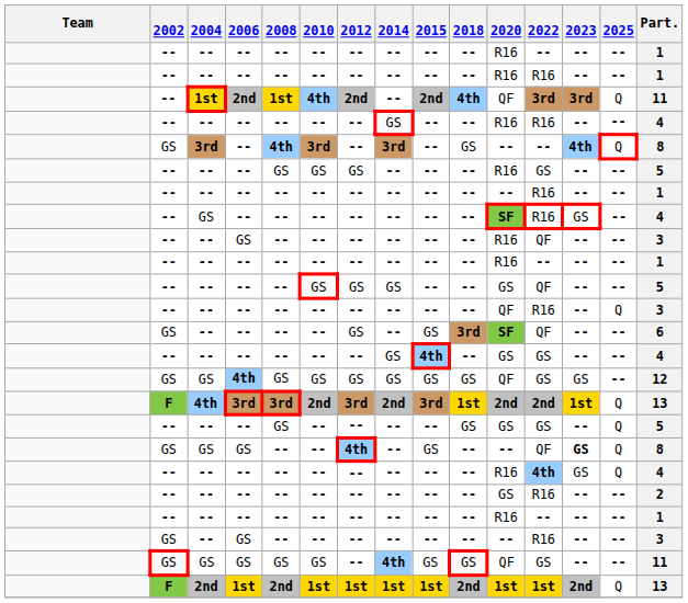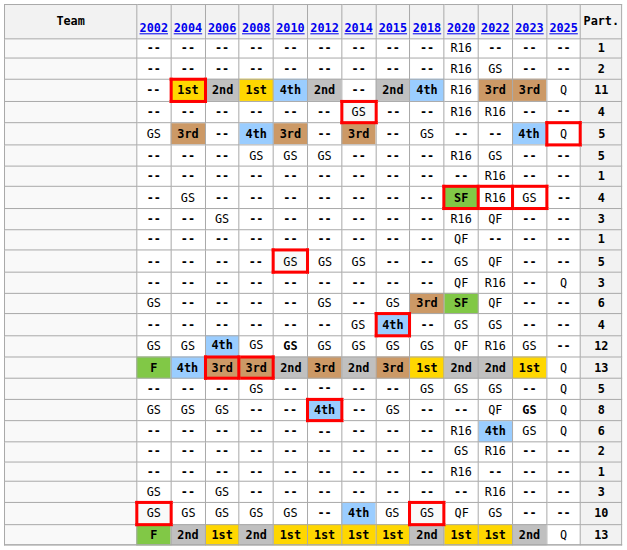 <table class="wikitable" style="text-align:center; font-size:90%">
 <tr>
 <th width=150>Team</th>
 <th><br><a href='#'>2002</a><br></th>
 <th><br><a href='#'>2004</a><br></th>
 <th><br><a href='#'>2006</a><br></th>
 <th><br><a href='#'>2008</a><br></th>
 <th><br><a href='#'>2010</a><br></th>
 <th><br><a href='#'>2012</a><br></th>
 <th><br><a href='#'>2014</a><br></th>
 <th><br><a href='#'>2015</a><br></th>
 <th><br><a href='#'>2018</a><br></th>
 <th><br><a href='#'>2020</a><br></th>
 <th><br><a href='#'>2022</a><br></th>
 <th><br><a href='#'>2023</a><br></th>
 <th><br><a href='#'>2025</a><br></th>
 <th>Part.</th>
 </tr>
 <tr>
 <td align=left></td>
 <td bgcolor=#ffffff><strong>--</strong></td>
 <td bgcolor=#ffffff><strong>--</strong></td>
 <td bgcolor=#ffffff><strong>--</strong></td>
 <td bgcolor=#ffffff><strong>--</strong></td>
 <td bgcolor=#ffffff><strong>--</strong></td>
 <td bgcolor=#ffffff><strong>--</strong></td>
 <td bgcolor=#ffffff><strong>--</strong></td>
 <td bgcolor=#ffffff><strong>--</strong></td>
 <td bgcolor=#ffffff><strong>--</strong></td>
 <td bgcolor=#ffffff>R16</td>
 <td bgcolor=#ffffff><strong>--</strong></td>
 <td bgcolor=#ffffff><strong>--</strong></td>
 <td bgcolor=#ffffff><strong>--</strong></td>
 <th>1</th>
 </tr>
 <tr>
 <td align=left></td>
 <td bgcolor=#ffffff><strong>--</strong></td>
 <td bgcolor=#ffffff><strong>--</strong></td>
 <td bgcolor=#ffffff><strong>--</strong></td>
 <td bgcolor=#ffffff><strong>--</strong></td>
 <td bgcolor=#ffffff><strong>--</strong></td>
 <td bgcolor=#ffffff><strong>--</strong></td>
 <td bgcolor=#ffffff><strong>--</strong></td>
 <td bgcolor=#ffffff><strong>--</strong></td>
 <td bgcolor=#ffffff><strong>--</strong></td>
 <td bgcolor=#ffffff>R16</td>
-<td bgcolor=#ffffff>R16</td>
+<td bgcolor=#ffffff>GS</td>
 <td bgcolor=#ffffff><strong>--</strong></td>
 <td bgcolor=#ffffff><strong>--</strong></td>
-<th>1</th>
+<th>2</th>
 </tr>
 <tr>
 <td align=left></td>
 <td bgcolor=#ffffff><strong>--</strong></td>
 <td style="border: 3px solid red" bgcolor=Gold><strong>1st</strong></td>
 <td bgcolor=silver><strong>2nd</strong></td>
 <td bgcolor=gold><strong>1st</strong></td>
 <td bgcolor=#9acdff><strong>4th</strong></td>
 <td bgcolor=silver><strong>2nd</strong></td>
 <td bgcolor=#ffffff><strong>--</strong></td>
 <td bgcolor=silver><strong>2nd</strong></td>
 <td bgcolor=#9acdff><strong>4th</strong></td>
-<td bgcolor=#ffffff>QF</td>
+<td bgcolor=#ffffff>R16</td>
 <td bgcolor=#cc9966><strong>3rd</strong></td>
 <td bgcolor=#cc9966><strong>3rd</strong></td>
 <td bgcolor=#ffffff>Q</td>
 <th>11</th>
 </tr>
 <tr>
 <td align=left></td>
 <td bgcolor=#ffffff><strong>--</strong></td>
 <td bgcolor=#ffffff><strong>--</strong></td>
 <td bgcolor=#ffffff><strong>--</strong></td>
 <td bgcolor=#ffffff><strong>--</strong></td>
 <td bgcolor=#ffffff><strong>--</strong></td>
 <td bgcolor=#ffffff><strong>--</strong></td>
 <td style="border: 3px solid red">GS</td>
 <td bgcolor=#ffffff><strong>--</strong></td>
 <td bgcolor=#ffffff><strong>--</strong></td>
 <td bgcolor=#ffffff>R16</td>
 <td bgcolor=#ffffff>R16</td>
 <td bgcolor=#ffffff><strong>--</strong></td>
 <td bgcolor=#ffffff><strong>--</strong></td>
 <th>4</th>
 </tr>
 <tr>
 <td align=left></td>
 <td bgcolor=#ffffff>GS</td>
 <td bgcolor=#cc9966><strong>3rd</strong></td>
 <td bgcolor=#ffffff><strong>--</strong></td>
 <td bgcolor=#9acdff><strong>4th</strong></td>
 <td bgcolor=#cc9966><strong>3rd</strong></td>
 <td bgcolor=#ffffff><strong>--</strong></td>
 <td bgcolor=#cc9966><strong>3rd</strong></td>
 <td bgcolor=#ffffff><strong>--</strong></td>
 <td bgcolor=#ffffff>GS</td>
 <td bgcolor=#ffffff><strong>--</strong></td>
 <td bgcolor=#ffffff><strong>--</strong></td>
 <td bgcolor=#9acdff><strong>4th</strong></td>
 <td style="border: 3px solid red" bgcolor=#ffffff>Q</td>
-<th>8</th>
+<th>5</th>
 </tr>
 <tr>
 <td align=left></td>
 <td bgcolor=#ffffff><strong>--</strong></td>
 <td bgcolor=#ffffff><strong>--</strong></td>
 <td bgcolor=#ffffff><strong>--</strong></td>
 <td bgcolor=#ffffff>GS</td>
 <td bgcolor=#ffffff>GS</td>
 <td bgcolor=#ffffff>GS</td>
 <td bgcolor=#ffffff><strong>--</strong></td>
 <td bgcolor=#ffffff><strong>--</strong></td>
 <td bgcolor=#ffffff><strong>--</strong></td>
 <td bgcolor=#ffffff>R16</td>
 <td bgcolor=#ffffff>GS</td>
 <td bgcolor=#ffffff><strong>--</strong></td>
 <td bgcolor=#ffffff><strong>--</strong></td>
 <th>5</th>
 </tr>
 <tr>
 <td align=left></td>
 <td bgcolor=#ffffff><strong>--</strong></td>
 <td bgcolor=#ffffff><strong>--</strong></td>
 <td bgcolor=#ffffff><strong>--</strong></td>
 <td bgcolor=#ffffff><strong>--</strong></td>
 <td bgcolor=#ffffff><strong>--</strong></td>
 <td bgcolor=#ffffff><strong>--</strong></td>
 <td bgcolor=#ffffff><strong>--</strong></td>
 <td bgcolor=#ffffff><strong>--</strong></td>
 <td bgcolor=#ffffff><strong>--</strong></td>
 <td bgcolor=#ffffff><strong>--</strong></td>
 <td bgcolor=#ffffff>R16</td>
 <td bgcolor=#ffffff><strong>--</strong></td>
 <td bgcolor=#ffffff><strong>--</strong></td>
 <th>1</th>
 </tr>
 <tr>
 <td align=left></td>
 <td bgcolor=#ffffff><strong>--</strong></td>
 <td bgcolor=#ffffff>GS</td>
 <td bgcolor=#ffffff><strong>--</strong></td>
 <td bgcolor=#ffffff><strong>--</strong></td>
 <td bgcolor=#ffffff><strong>--</strong></td>
 <td bgcolor=#ffffff><strong>--</strong></td>
 <td bgcolor=#ffffff><strong>--</strong></td>
 <td bgcolor=#ffffff><strong>--</strong></td>
 <td bgcolor=#ffffff><strong>--</strong></td>
 <td style="border: 3px solid red" bgcolor=#81c846><strong>SF</strong></td>
 <td style="border: 3px solid red" bgcolor=#ffffff>R16</td>
 <td style="border: 3px solid red" bgcolor=#ffffff>GS</td>
 <td bgcolor=#ffffff><strong>--</strong></td>
 <th>4</th>
 </tr>
 <tr>
 <td align=left></td>
 <td bgcolor=#ffffff><strong>--</strong></td>
 <td bgcolor=#ffffff><strong>--</strong></td>
 <td bgcolor=#ffffff>GS</td>
 <td bgcolor=#ffffff><strong>--</strong></td>
 <td bgcolor=#ffffff><strong>--</strong></td>
 <td bgcolor=#ffffff><strong>--</strong></td>
 <td bgcolor=#ffffff><strong>--</strong></td>
 <td bgcolor=#ffffff><strong>--</strong></td>
 <td bgcolor=#ffffff><strong>--</strong></td>
 <td bgcolor=#ffffff>R16</td>
 <td bgcolor=#ffffff>QF</td>
 <td bgcolor=#ffffff><strong>--</strong></td>
 <td bgcolor=#ffffff><strong>--</strong></td>
 <th>3</th>
 </tr>
 <tr>
 <td align=left></td>
 <td bgcolor=#ffffff><strong>--</strong></td>
 <td bgcolor=#ffffff><strong>--</strong></td>
 <td bgcolor=#ffffff><strong>--</strong></td>
 <td bgcolor=#ffffff><strong>--</strong></td>
 <td bgcolor=#ffffff><strong>--</strong></td>
 <td bgcolor=#ffffff><strong>--</strong></td>
 <td bgcolor=#ffffff><strong>--</strong></td>
 <td bgcolor=#ffffff><strong>--</strong></td>
 <td bgcolor=#ffffff><strong>--</strong></td>
-<td bgcolor=#ffffff>R16</td>
+<td bgcolor=#ffffff>QF</td>
 <td bgcolor=#ffffff><strong>--</strong></td>
 <td bgcolor=#ffffff><strong>--</strong></td>
 <td bgcolor=#ffffff><strong>--</strong></td>
 <th>1</th>
 </tr>
 <tr>
 <td align=left></td>
 <td bgcolor=#ffffff><strong>--</strong></td>
 <td bgcolor=#ffffff><strong>--</strong></td>
 <td bgcolor=#ffffff><strong>--</strong></td>
 <td bgcolor=#ffffff><strong>--</strong></td>
 <td style="border: 3px solid red">GS</td>
 <td bgcolor=#ffffff>GS</td>
 <td bgcolor=#ffffff>GS</td>
 <td bgcolor=#ffffff><strong>--</strong></td>
 <td bgcolor=#ffffff><strong>--</strong></td>
 <td bgcolor=#ffffff>GS</td>
 <td bgcolor=#ffffff>QF</td>
 <td bgcolor=#ffffff><strong>--</strong></td>
 <td bgcolor=#ffffff><strong>--</strong></td>
 <th>5</th>
 </tr>
 <tr>
 <td align=left></td>
 <td bgcolor=#ffffff><strong>--</strong></td>
 <td bgcolor=#ffffff><strong>--</strong></td>
 <td bgcolor=#ffffff><strong>--</strong></td>
 <td bgcolor=#ffffff><strong>--</strong></td>
 <td bgcolor=#ffffff><strong>--</strong></td>
 <td bgcolor=#ffffff><strong>--</strong></td>
 <td bgcolor=#ffffff><strong>--</strong></td>
 <td bgcolor=#ffffff><strong>--</strong></td>
 <td bgcolor=#ffffff><strong>--</strong></td>
 <td bgcolor=#ffffff>QF</td>
 <td bgcolor=#ffffff>R16</td>
 <td bgcolor=#ffffff><strong>--</strong></td>
 <td bgcolor=#ffffff>Q</td>
 <th>3</th>
 </tr>
 <tr>
 <td align=left></td>
 <td bgcolor=#ffffff>GS</td>
 <td bgcolor=#ffffff><strong>--</strong></td>
 <td bgcolor=#ffffff><strong>--</strong></td>
 <td bgcolor=#ffffff><strong>--</strong></td>
 <td bgcolor=#ffffff><strong>--</strong></td>
 <td bgcolor=#ffffff>GS</td>
 <td bgcolor=#ffffff><strong>--</strong></td>
 <td bgcolor=#ffffff>GS</td>
 <td bgcolor=#cc9966><strong>3rd</strong></td>
 <td bgcolor=#81c846><strong>SF</strong></td>
 <td bgcolor=#ffffff>QF</td>
 <td bgcolor=#ffffff><strong>--</strong></td>
 <td bgcolor=#ffffff><strong>--</strong></td>
 <th>6</th>
 </tr>
 <tr>
 <td align=left></td>
 <td bgcolor=#ffffff><strong>--</strong></td>
 <td bgcolor=#ffffff><strong>--</strong></td>
 <td bgcolor=#ffffff><strong>--</strong></td>
 <td bgcolor=#ffffff><strong>--</strong></td>
 <td bgcolor=#ffffff><strong>--</strong></td>
 <td bgcolor=#ffffff><strong>--</strong></td>
 <td bgcolor=#ffffff>GS</td>
 <td style="border: 3px solid red" bgcolor=#9acdff><strong>4th</strong></td>
 <td bgcolor=#ffffff><strong>--</strong></td>
 <td bgcolor=#ffffff>GS</td>
 <td bgcolor=#ffffff>GS</td>
 <td bgcolor=#ffffff><strong>--</strong></td>
 <td bgcolor=#ffffff><strong>--</strong></td>
 <th>4</th>
 </tr>
 <tr>
 <td align=left></td>
 <td bgcolor=#ffffff>GS</td>
 <td bgcolor=#ffffff>GS</td>
 <td bgcolor=#9acdff><strong>4th</strong></td>
 <td bgcolor=#ffffff>GS</td>
-<td bgcolor=#ffffff>GS</td>
+<td bgcolor=#ffffff><strong>GS</strong></td>
 <td bgcolor=#ffffff>GS</td>
 <td bgcolor=#ffffff>GS</td>
 <td bgcolor=#ffffff>GS</td>
 <td bgcolor=#ffffff>GS</td>
 <td bgcolor=#ffffff>QF</td>
-<td bgcolor=#ffffff>GS</td>
+<td bgcolor=#ffffff>R16</td>
 <td bgcolor=#ffffff>GS</td>
 <td bgcolor=#ffffff><strong>--</strong></td>
 <th>12</th>
 </tr>
 <tr>
 <td align=left></td>
 <td bgcolor=#81c846><strong>F</strong></td>
 <td bgcolor=#9acdff><strong>4th</strong></td>
 <td style="border: 3px solid red" bgcolor=#cc9966><strong>3rd</strong></td>
 <td style="border: 3px solid red" bgcolor=#cc9966><strong>3rd</strong></td>
 <td bgcolor=silver><strong>2nd</strong></td>
 <td bgcolor=#cc9966><strong>3rd</strong></td>
 <td bgcolor=silver><strong>2nd</strong></td>
 <td bgcolor=#cc9966><strong>3rd</strong></td>
 <td bgcolor=gold><strong>1st</strong></td>
 <td bgcolor=silver><strong>2nd</strong></td>
 <td bgcolor=silver><strong>2nd</strong></td>
 <td bgcolor=gold><strong>1st</strong></td>
 <td bgcolor=#ffffff>Q</td>
 <th>13</th>
 </tr>
 <tr>
 <td align=left></td>
 <td bgcolor=#ffffff><strong>--</strong></td>
 <td bgcolor=#ffffff><strong>--</strong></td>
 <td bgcolor=#ffffff><strong>--</strong></td>
 <td bgcolor=#ffffff>GS</td>
 <td bgcolor=#ffffff><strong>--</strong></td>
 <td bgcolor=#ffffff><strong>--</strong></td>
 <td bgcolor=#ffffff><strong>--</strong></td>
 <td bgcolor=#ffffff><strong>--</strong></td>
 <td bgcolor=#ffffff>GS</td>
 <td bgcolor=#ffffff>GS</td>
 <td bgcolor=#ffffff>GS</td>
 <td bgcolor=#ffffff><strong>--</strong></td>
 <td bgcolor=#ffffff>Q</td>
 <th>5</th>
 </tr>
 <tr>
 <td align=left></td>
 <td bgcolor=#ffffff>GS</td>
 <td bgcolor=#ffffff>GS</td>
 <td bgcolor=#ffffff>GS</td>
 <td bgcolor=#ffffff><strong>--</strong></td>
 <td bgcolor=#ffffff><strong>--</strong></td>
 <td style="border: 3px solid red" bgcolor=#9acdff><strong>4th</strong></td>
 <td bgcolor=#ffffff><strong>--</strong></td>
 <td bgcolor=#ffffff>GS</td>
 <td bgcolor=#ffffff><strong>--</strong></td>
 <td bgcolor=#ffffff><strong>--</strong></td>
 <td bgcolor=#ffffff>QF</td>
 <td bgcolor=#ffffff><strong>GS</strong></td>
 <td bgcolor=#ffffff>Q</td>
 <th>8</th>
 </tr>
 <tr>
 <td align=left></td>
 <td bgcolor=#ffffff><strong>--</strong></td>
 <td bgcolor=#ffffff><strong>--</strong></td>
 <td bgcolor=#ffffff><strong>--</strong></td>
 <td bgcolor=#ffffff><strong>--</strong></td>
 <td bgcolor=#ffffff><strong>--</strong></td>
 <td bgcolor=#ffffff><strong>--</strong></td>
 <td bgcolor=#ffffff><strong>--</strong></td>
 <td bgcolor=#ffffff><strong>--</strong></td>
 <td bgcolor=#ffffff><strong>--</strong></td>
 <td bgcolor=#ffffff>R16</td>
 <td bgcolor=#9acdff><strong>4th</strong></td>
 <td bgcolor=#ffffff>GS</td>
 <td bgcolor=#ffffff>Q</td>
-<th>4</th>
+<th>6</th>
 </tr>
 <tr>
 <td align=left></td>
 <td bgcolor=#ffffff><strong>--</strong></td>
 <td bgcolor=#ffffff><strong>--</strong></td>
 <td bgcolor=#ffffff><strong>--</strong></td>
 <td bgcolor=#ffffff><strong>--</strong></td>
 <td bgcolor=#ffffff><strong>--</strong></td>
 <td bgcolor=#ffffff><strong>--</strong></td>
 <td bgcolor=#ffffff><strong>--</strong></td>
 <td bgcolor=#ffffff><strong>--</strong></td>
 <td bgcolor=#ffffff><strong>--</strong></td>
 <td bgcolor=#ffffff>GS</td>
 <td bgcolor=#ffffff>R16</td>
 <td bgcolor=#ffffff><strong>--</strong></td>
 <td bgcolor=#ffffff><strong>--</strong></td>
 <th>2</th>
 </tr>
 <tr>
 <td align=left></td>
 <td bgcolor=#ffffff><strong>--</strong></td>
 <td bgcolor=#ffffff><strong>--</strong></td>
 <td bgcolor=#ffffff><strong>--</strong></td>
 <td bgcolor=#ffffff><strong>--</strong></td>
 <td bgcolor=#ffffff><strong>--</strong></td>
 <td bgcolor=#ffffff><strong>--</strong></td>
 <td bgcolor=#ffffff><strong>--</strong></td>
 <td bgcolor=#ffffff><strong>--</strong></td>
 <td bgcolor=#ffffff><strong>--</strong></td>
 <td bgcolor=#ffffff>R16</td>
 <td bgcolor=#ffffff><strong>--</strong></td>
 <td bgcolor=#ffffff><strong>--</strong></td>
 <td bgcolor=#ffffff><strong>--</strong></td>
 <th>1</th>
 </tr>
 <tr>
 <td align=left></td>
 <td bgcolor=#ffffff>GS</td>
 <td bgcolor=#ffffff><strong>--</strong></td>
 <td bgcolor=#ffffff>GS</td>
 <td bgcolor=#ffffff><strong>--</strong></td>
 <td bgcolor=#ffffff><strong>--</strong></td>
 <td bgcolor=#ffffff><strong>--</strong></td>
 <td bgcolor=#ffffff><strong>--</strong></td>
 <td bgcolor=#ffffff><strong>--</strong></td>
 <td bgcolor=#ffffff><strong>--</strong></td>
 <td bgcolor=#ffffff><strong>--</strong></td>
 <td bgcolor=#ffffff>R16</td>
 <td bgcolor=#ffffff><strong>--</strong></td>
 <td bgcolor=#ffffff><strong>--</strong></td>
 <th>3</th>
 </tr>
 <tr>
 <td align=left></td>
 <td style="border: 3px solid red">GS</td>
 <td bgcolor=#ffffff>GS</td>
 <td bgcolor=#ffffff>GS</td>
 <td bgcolor=#ffffff>GS</td>
 <td bgcolor=#ffffff>GS</td>
 <td bgcolor=#ffffff><strong>--</strong></td>
 <td bgcolor=#9acdff><strong>4th</strong></td>
 <td bgcolor=#ffffff>GS</td>
 <td style="border: 3px solid red">GS</td>
 <td bgcolor=#ffffff>QF</td>
 <td bgcolor=#ffffff>GS</td>
 <td bgcolor=#ffffff><strong>--</strong></td>
 <td bgcolor=#ffffff><strong>--</strong></td>
-<th>11</th>
+<th>10</th>
 </tr>
 <tr>
 <td align=left></td>
 <td bgcolor=#81c846><strong>F</strong></td>
 <td bgcolor=silver><strong>2nd</strong></td>
 <td bgcolor=gold><strong>1st</strong></td>
 <td bgcolor=silver><strong>2nd</strong></td>
 <td bgcolor=gold><strong>1st</strong></td>
 <td bgcolor=gold><strong>1st</strong></td>
 <td bgcolor=gold><strong>1st</strong></td>
 <td bgcolor=gold><strong>1st</strong></td>
 <td bgcolor=silver><strong>2nd</strong></td>
 <td bgcolor=gold><strong>1st</strong></td>
 <td bgcolor=gold><strong>1st</strong></td>
 <td bgcolor=silver><strong>2nd</strong></td>
 <td bgcolor=#ffffff>Q</td>
 <th>13</th>
 </tr>
 <tr>
 </tr>
 </table>
